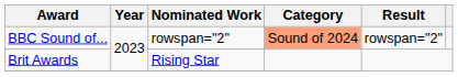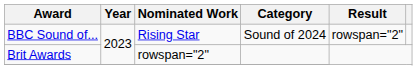 <table class="wikitable">
 <tr>
 <th>Award</th>
 <th>Year</th>
 <th>Nominated Work</th>
 <th>Category</th>
 <th>Result</th>
 <th></th>
 </tr>
 <tr>
 <td><a href='#'>BBC Sound of...</a></td>
 <td rowspan="2">2023</td>
-<td>rowspan="2" </td>
-<td style="background: lightsalmon;">Sound of 2024</td>
+<td><a href='#'>Rising Star</a></td>
+<td>Sound of 2024</td>
 <td>rowspan="2" </td>
 <td></td>
 </tr>
 <tr>
 <td><a href='#'>Brit Awards</a></td>
-<td><a href='#'>Rising Star</a></td>
+<td>rowspan="2" </td>
 <td></td>
 </tr>
 <tr>
 </tr>
 </table>
